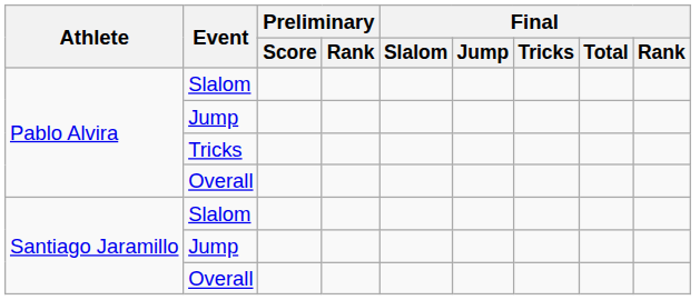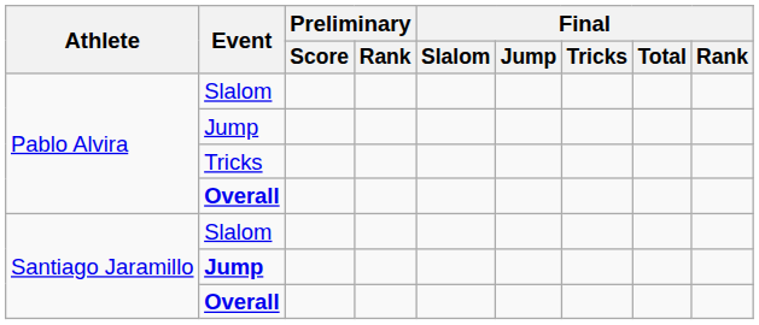 <table class=wikitable style=font-size:90%;text-align:center>
 <tr>
 <th rowspan=2>Athlete</th>
 <th rowspan=2>Event</th>
 <th colspan=2>Preliminary</th>
 <th colspan=5>Final</th>
 </tr>
 <tr style=font-size:95%>
 <th>Score</th>
 <th>Rank</th>
 <th>Slalom</th>
 <th>Jump</th>
 <th>Tricks</th>
 <th>Total</th>
 <th>Rank</th>
 </tr>
 <tr>
 <td align=left rowspan=4><a href='#'>Pablo Alvira</a></td>
 <td align=left><a href='#'>Slalom</a></td>
 <td></td>
 <td></td>
 <td></td>
 <td></td>
 <td></td>
 <td></td>
 <td></td>
 </tr>
 <tr>
 <td align=left><a href='#'>Jump</a></td>
 <td></td>
 <td></td>
 <td></td>
 <td></td>
 <td></td>
 <td></td>
 <td></td>
 </tr>
 <tr>
 <td align=left><a href='#'>Tricks</a></td>
 <td></td>
 <td></td>
 <td></td>
 <td></td>
 <td></td>
 <td></td>
 <td></td>
 </tr>
 <tr>
-<td align=left><a href='#'>Overall</a></td>
+<td align=left><strong><a href='#'>Overall</a></strong></td>
 <td></td>
 <td></td>
 <td></td>
 <td></td>
 <td></td>
 <td></td>
 <td></td>
 </tr>
 <tr>
 <td align=left rowspan=3><a href='#'>Santiago Jaramillo</a></td>
 <td align=left><a href='#'>Slalom</a></td>
 <td></td>
 <td></td>
 <td></td>
 <td></td>
 <td></td>
 <td></td>
 <td></td>
 </tr>
 <tr>
-<td align=left><a href='#'>Jump</a></td>
+<td align=left><strong><a href='#'>Jump</a></strong></td>
 <td></td>
 <td></td>
 <td></td>
 <td></td>
 <td></td>
 <td></td>
 <td></td>
 </tr>
 <tr>
-<td align=left><a href='#'>Overall</a></td>
+<td align=left><strong><a href='#'>Overall</a></strong></td>
 <td></td>
 <td></td>
 <td></td>
 <td></td>
 <td></td>
 <td></td>
 <td></td>
 </tr>
 </table>
